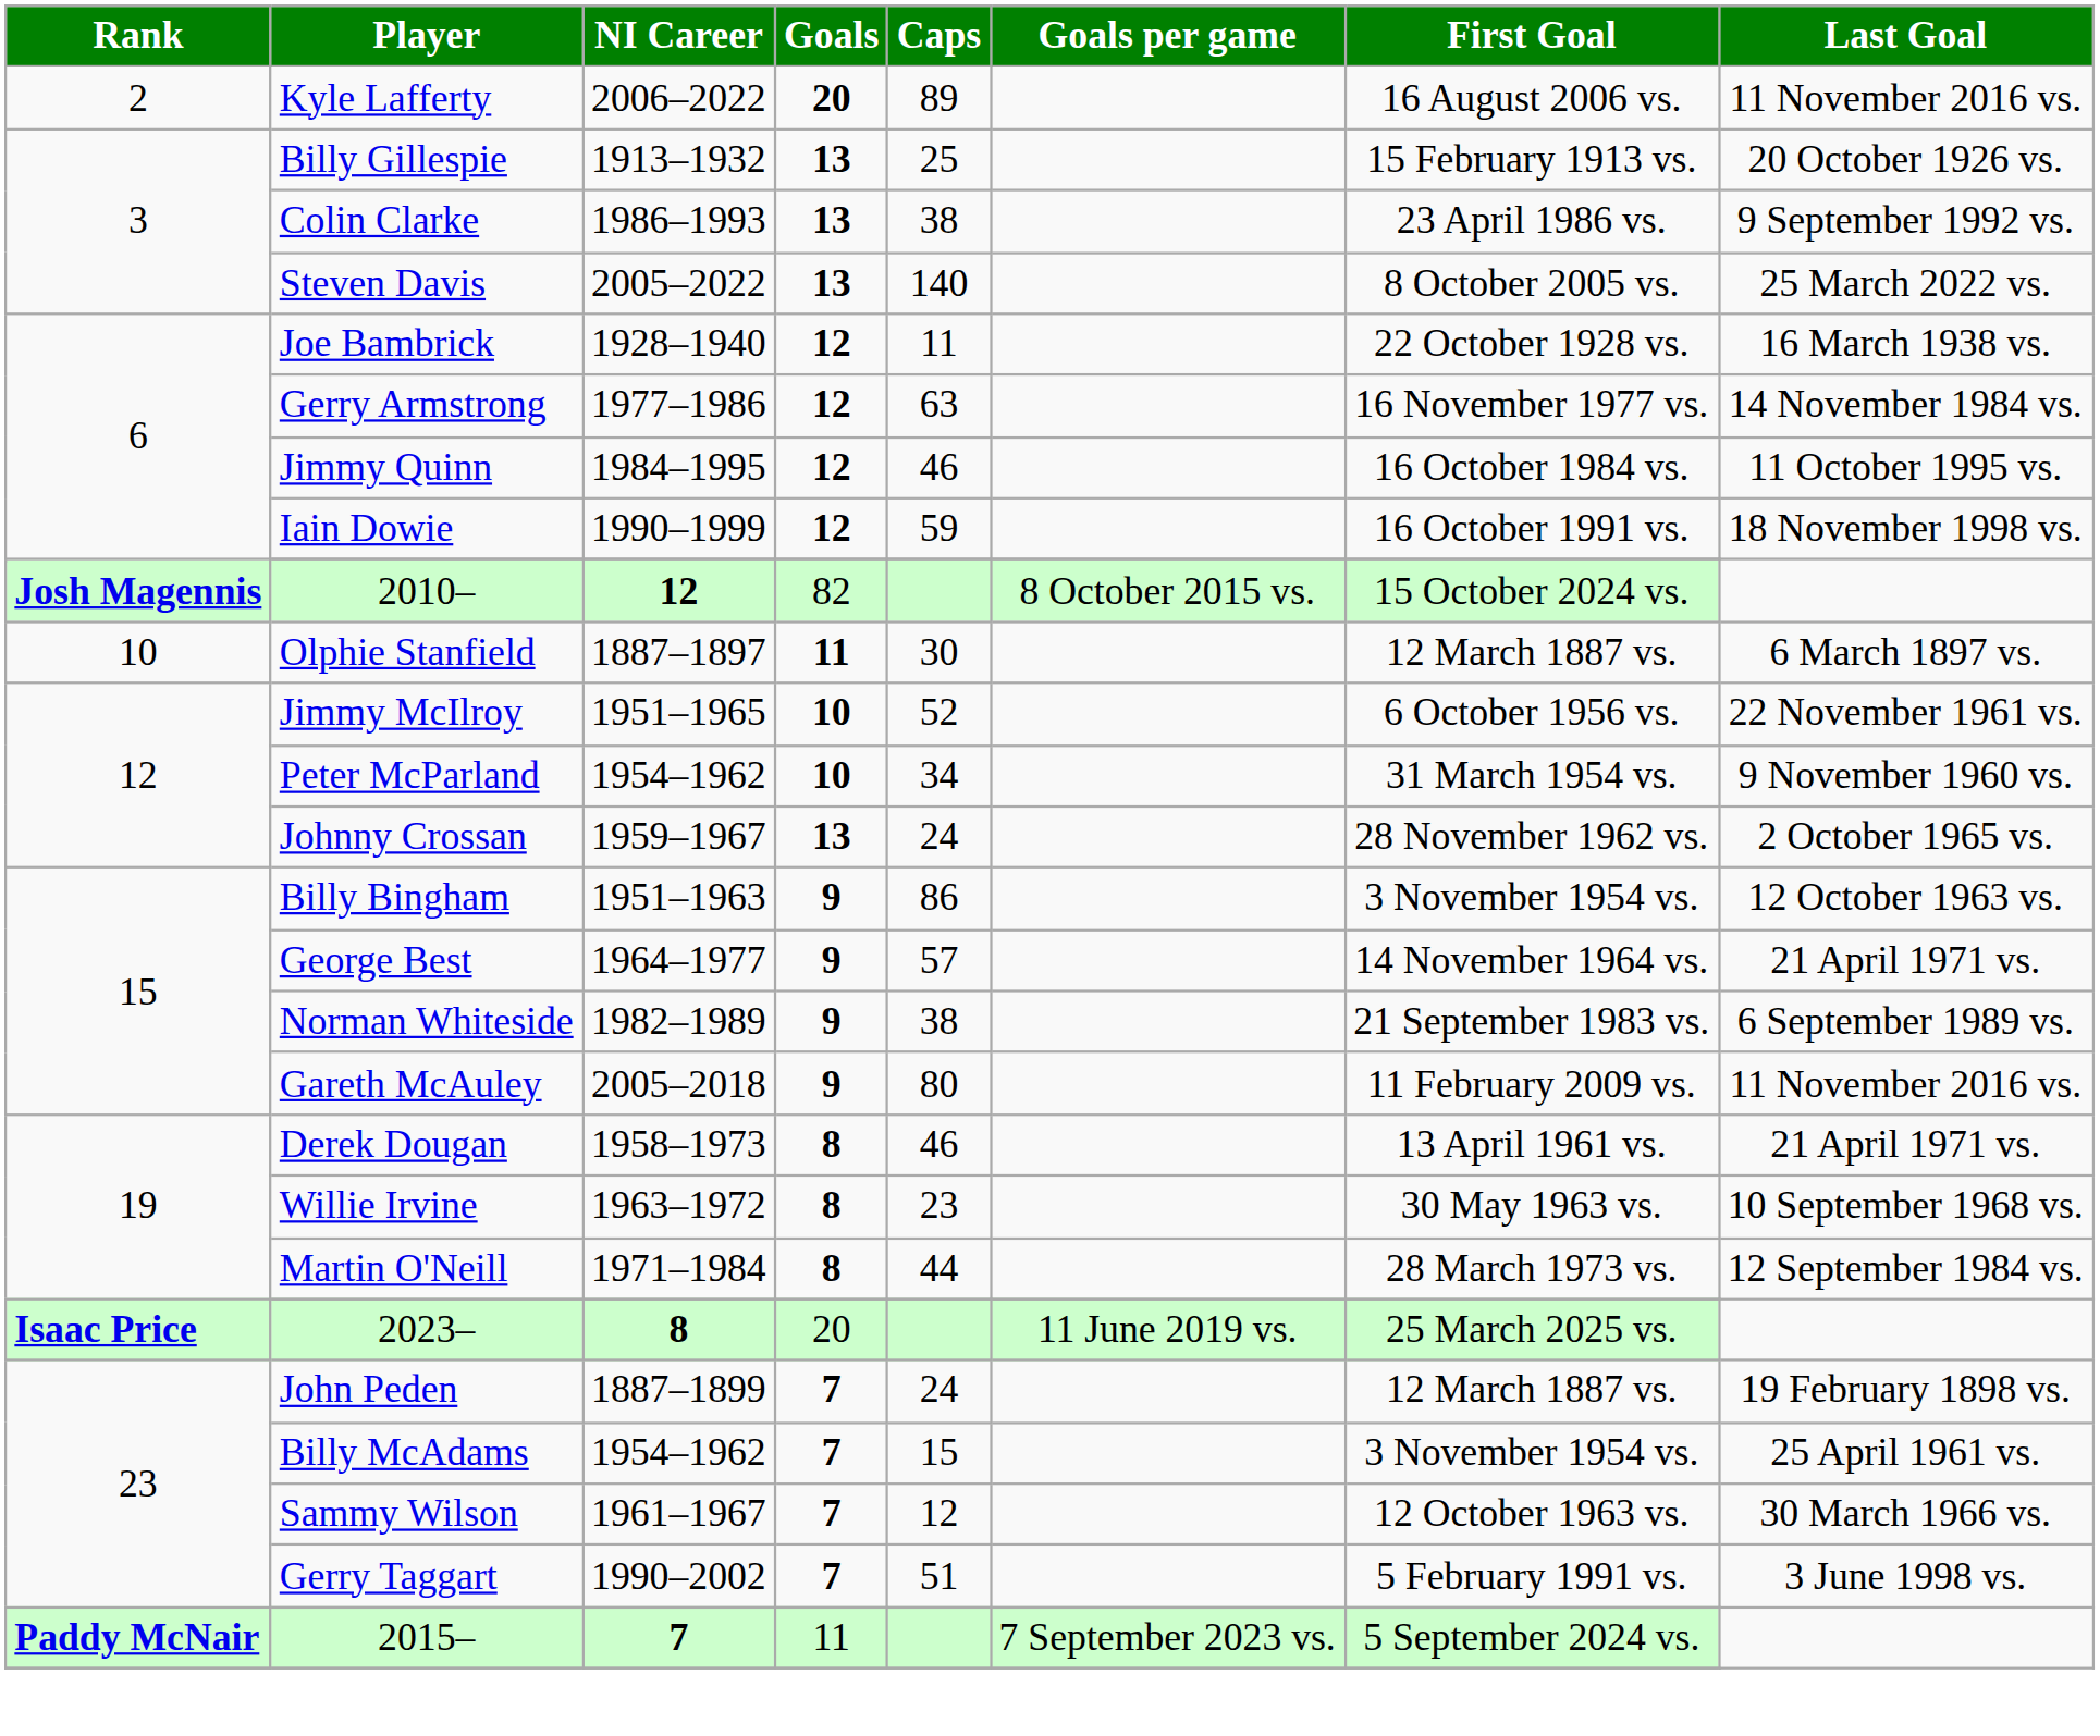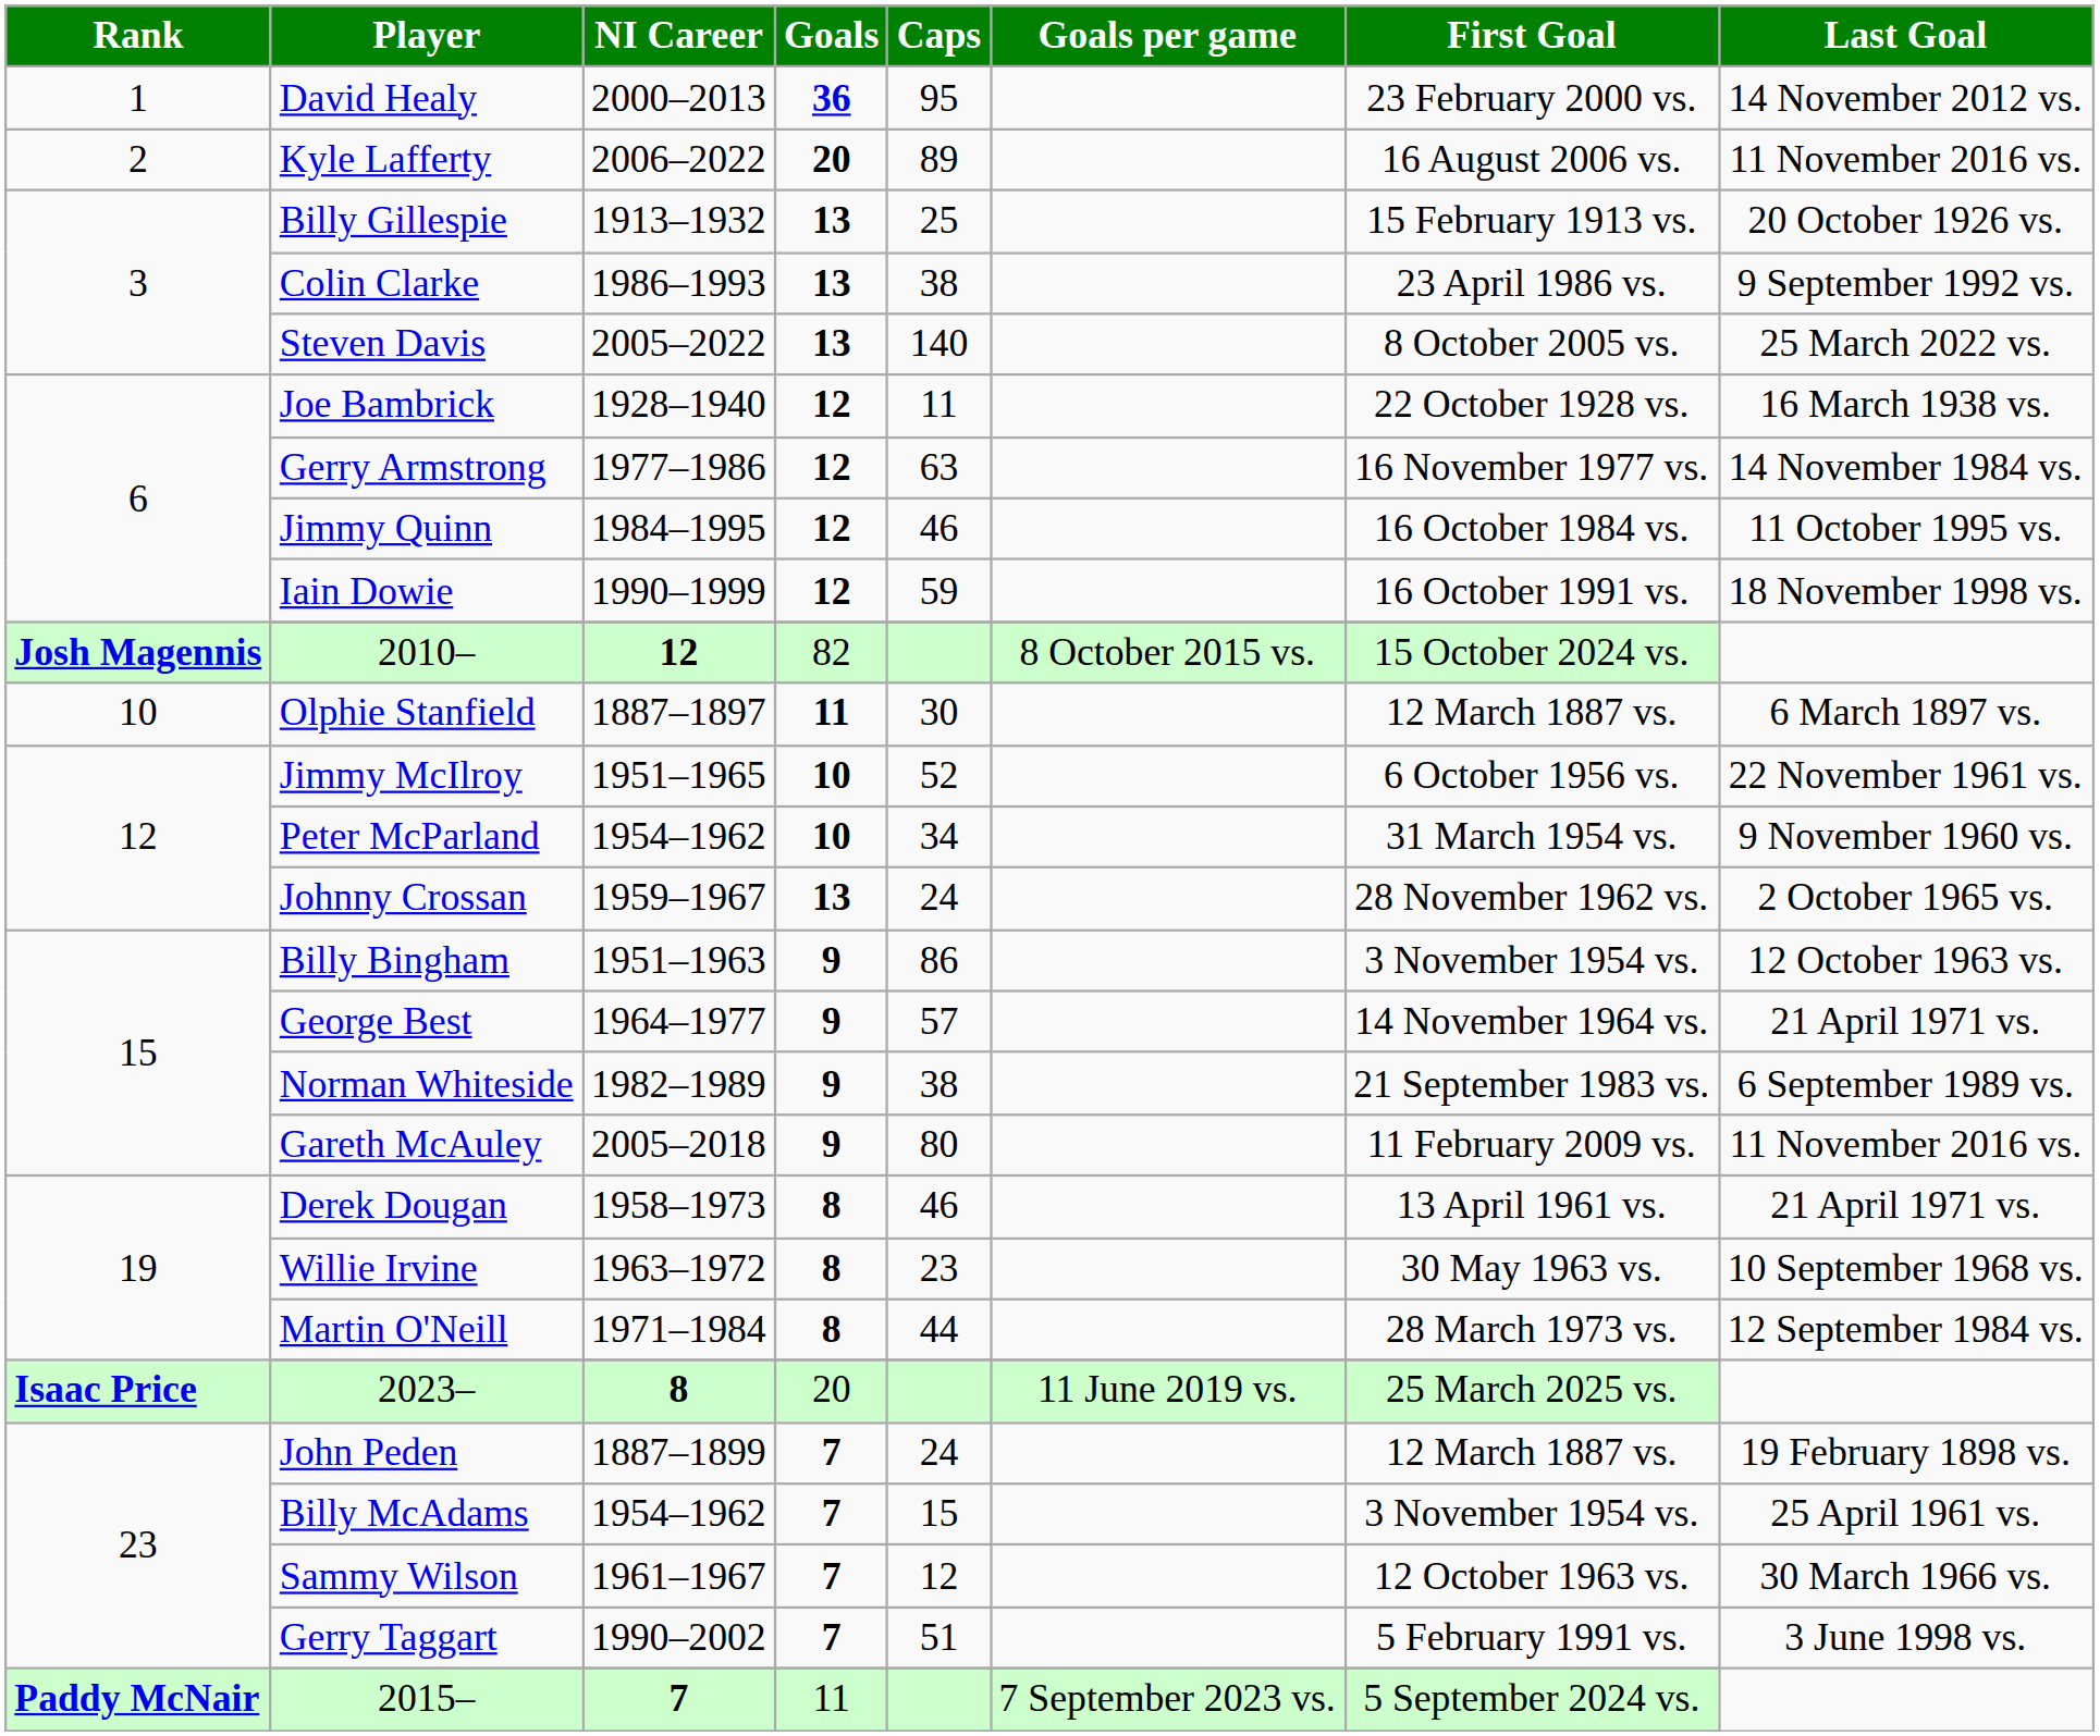 <table class="wikitable sortable" style="text-align:center;">
 <tr>
 <th style="background-color:#008000; color:white; ">Rank</th>
 <th style="background-color:#008000; color:white; ">Player</th>
 <th style="background-color:#008000; color:white; ">NI Career</th>
 <th style="background-color:#008000; color:white; ">Goals</th>
 <th style="background-color:#008000; color:white; ">Caps</th>
 <th style="background-color:#008000; color:white; ">Goals per game</th>
 <th style="background-color:#008000; color:white; ">First Goal</th>
 <th style="background-color:#008000; color:white; ">Last Goal</th>
+</tr>
+<tr>
+<td>1</td>
+<td style="text-align:left;"><a href='#'>David Healy</a></td>
+<td>2000–2013</td>
+<td><strong><a href='#'>36</a></strong></td>
+<td>95</td>
+<td></td>
+<td>23 February 2000 vs. </td>
+<td>14 November 2012 vs. </td>
 </tr>
 <tr>
 <td>2</td>
 <td style="text-align:left;"><a href='#'>Kyle Lafferty</a></td>
 <td>2006–2022</td>
 <td><strong>20</strong></td>
 <td>89</td>
 <td></td>
 <td>16 August 2006 vs. </td>
 <td>11 November 2016 vs. </td>
 </tr>
 <tr>
 <td rowspan="3">3</td>
 <td style="text-align:left;"><a href='#'>Billy Gillespie</a></td>
 <td>1913–1932</td>
 <td><strong>13</strong></td>
 <td>25</td>
 <td></td>
 <td>15 February 1913 vs. </td>
 <td>20 October 1926 vs. </td>
 </tr>
 <tr>
 <td style="text-align:left;"><a href='#'>Colin Clarke</a></td>
 <td>1986–1993</td>
 <td><strong>13</strong></td>
 <td>38</td>
 <td></td>
 <td>23 April 1986 vs. </td>
 <td>9 September 1992 vs. </td>
 </tr>
 <tr>
 <td style="text-align:left;"><a href='#'>Steven Davis</a></td>
 <td>2005–2022</td>
 <td><strong>13</strong></td>
 <td>140</td>
 <td></td>
 <td>8 October 2005 vs. </td>
 <td>25 March 2022 vs. </td>
 </tr>
 <tr>
 <td rowspan="5">6</td>
 <td style="text-align:left;"><a href='#'>Joe Bambrick</a></td>
 <td>1928–1940</td>
 <td><strong>12</strong></td>
 <td>11</td>
 <td></td>
 <td>22 October 1928 vs. </td>
 <td>16 March 1938 vs. </td>
 </tr>
 <tr>
 <td style="text-align:left;"><a href='#'>Gerry Armstrong</a></td>
 <td>1977–1986</td>
 <td><strong>12</strong></td>
 <td>63</td>
 <td></td>
 <td>16 November 1977 vs. </td>
 <td>14 November 1984 vs. </td>
 </tr>
 <tr>
 <td style="text-align:left;"><a href='#'>Jimmy Quinn</a></td>
 <td>1984–1995</td>
 <td><strong>12</strong></td>
 <td>46</td>
 <td></td>
 <td>16 October 1984 vs. </td>
 <td>11 October 1995 vs. </td>
 </tr>
 <tr>
 <td style="text-align:left;"><a href='#'>Iain Dowie</a></td>
 <td>1990–1999</td>
 <td><strong>12</strong></td>
 <td>59</td>
 <td></td>
 <td>16 October 1991 vs. </td>
 <td>18 November 1998 vs. </td>
 </tr>
 <tr>
 </tr>
 <tr style="background:#CFC;">
 <td style="text-align:left;"><strong><a href='#'>Josh Magennis</a></strong></td>
 <td>2010–</td>
 <td><strong>12</strong></td>
 <td>82</td>
 <td></td>
 <td>8 October 2015 vs. </td>
 <td>15 October 2024 vs. </td>
 </tr>
 <tr>
 <td>10</td>
 <td style="text-align:left;"><a href='#'>Olphie Stanfield</a></td>
 <td>1887–1897</td>
 <td><strong>11</strong></td>
 <td>30</td>
 <td></td>
 <td>12 March 1887 vs. </td>
 <td>6 March 1897 vs. </td>
 </tr>
 <tr>
 <td rowspan="3">12</td>
 <td style="text-align:left;"><a href='#'>Jimmy McIlroy</a></td>
 <td>1951–1965</td>
 <td><strong>10</strong></td>
 <td>52</td>
 <td></td>
 <td>6 October 1956 vs. </td>
 <td>22 November 1961 vs. </td>
 </tr>
 <tr>
 <td style="text-align:left;"><a href='#'>Peter McParland</a></td>
 <td>1954–1962</td>
 <td><strong>10</strong></td>
 <td>34</td>
 <td></td>
 <td>31 March 1954 vs. </td>
 <td>9 November 1960 vs. </td>
 </tr>
 <tr>
 <td style="text-align:left;"><a href='#'>Johnny Crossan</a></td>
 <td>1959–1967</td>
 <td><strong>13</strong></td>
 <td>24</td>
 <td></td>
 <td>28 November 1962 vs. </td>
 <td>2 October 1965 vs. </td>
 </tr>
 <tr>
 <td rowspan="4">15</td>
 <td style="text-align:left;"><a href='#'>Billy Bingham</a></td>
 <td>1951–1963</td>
 <td><strong>9</strong></td>
 <td>86</td>
 <td></td>
 <td>3 November 1954 vs. </td>
 <td>12 October 1963 vs. </td>
 </tr>
 <tr>
 <td style="text-align:left;"><a href='#'>George Best</a></td>
 <td>1964–1977</td>
 <td><strong>9</strong></td>
 <td>57</td>
 <td></td>
 <td>14 November 1964 vs. </td>
 <td>21 April 1971 vs. </td>
 </tr>
 <tr>
 <td style="text-align:left;"><a href='#'>Norman Whiteside</a></td>
 <td>1982–1989</td>
 <td><strong>9</strong></td>
 <td>38</td>
 <td></td>
 <td>21 September 1983 vs. </td>
 <td>6 September 1989 vs. </td>
 </tr>
 <tr>
 <td style="text-align:left;"><a href='#'>Gareth McAuley</a></td>
 <td>2005–2018</td>
 <td><strong>9</strong></td>
 <td>80</td>
 <td></td>
 <td>11 February 2009 vs. </td>
 <td>11 November 2016 vs. </td>
 </tr>
 <tr>
 <td rowspan="4">19</td>
 <td style="text-align:left;"><a href='#'>Derek Dougan</a></td>
 <td>1958–1973</td>
 <td><strong>8</strong></td>
 <td>46</td>
 <td></td>
 <td>13 April 1961 vs. </td>
 <td>21 April 1971 vs. </td>
 </tr>
 <tr>
 <td style="text-align:left;"><a href='#'>Willie Irvine</a></td>
 <td>1963–1972</td>
 <td><strong>8</strong></td>
 <td>23</td>
 <td></td>
 <td>30 May 1963 vs. </td>
 <td>10 September 1968 vs. </td>
 </tr>
 <tr>
 <td style="text-align:left;"><a href='#'>Martin O'Neill</a></td>
 <td>1971–1984</td>
 <td><strong>8</strong></td>
 <td>44</td>
 <td></td>
 <td>28 March 1973 vs. </td>
 <td>12 September 1984 vs. </td>
 </tr>
 <tr>
 </tr>
 <tr style="background:#CFC;">
 <td style="text-align:left;"><strong><a href='#'>Isaac Price</a></strong></td>
 <td>2023–</td>
 <td><strong>8</strong></td>
 <td>20</td>
 <td></td>
 <td>11 June 2019 vs. </td>
 <td>25 March 2025 vs. </td>
 </tr>
 <tr>
 <td rowspan="5">23</td>
 <td style="text-align:left;"><a href='#'>John Peden</a></td>
 <td>1887–1899</td>
 <td><strong>7</strong></td>
 <td>24</td>
 <td></td>
 <td>12 March 1887 vs. </td>
 <td>19 February 1898 vs. </td>
 </tr>
 <tr>
 <td style="text-align:left;"><a href='#'>Billy McAdams</a></td>
 <td>1954–1962</td>
 <td><strong>7</strong></td>
 <td>15</td>
 <td></td>
 <td>3 November 1954 vs. </td>
 <td>25 April 1961 vs. </td>
 </tr>
 <tr>
 <td style="text-align:left;"><a href='#'>Sammy Wilson</a></td>
 <td>1961–1967</td>
 <td><strong>7</strong></td>
 <td>12</td>
 <td></td>
 <td>12 October 1963 vs. </td>
 <td>30 March 1966 vs. </td>
 </tr>
 <tr>
 <td style="text-align:left;"><a href='#'>Gerry Taggart</a></td>
 <td>1990–2002</td>
 <td><strong>7</strong></td>
 <td>51</td>
 <td></td>
 <td>5 February 1991 vs. </td>
 <td>3 June 1998 vs. </td>
 </tr>
 <tr>
 </tr>
 <tr style="background:#CFC;">
 <td style="text-align:left;"><strong><a href='#'>Paddy McNair</a></strong></td>
 <td>2015–</td>
 <td><strong>7</strong></td>
 <td>11</td>
 <td></td>
 <td>7 September 2023 vs. </td>
 <td>5 September 2024 vs. </td>
 </tr>
 <tr>
 </tr>
 </table>
